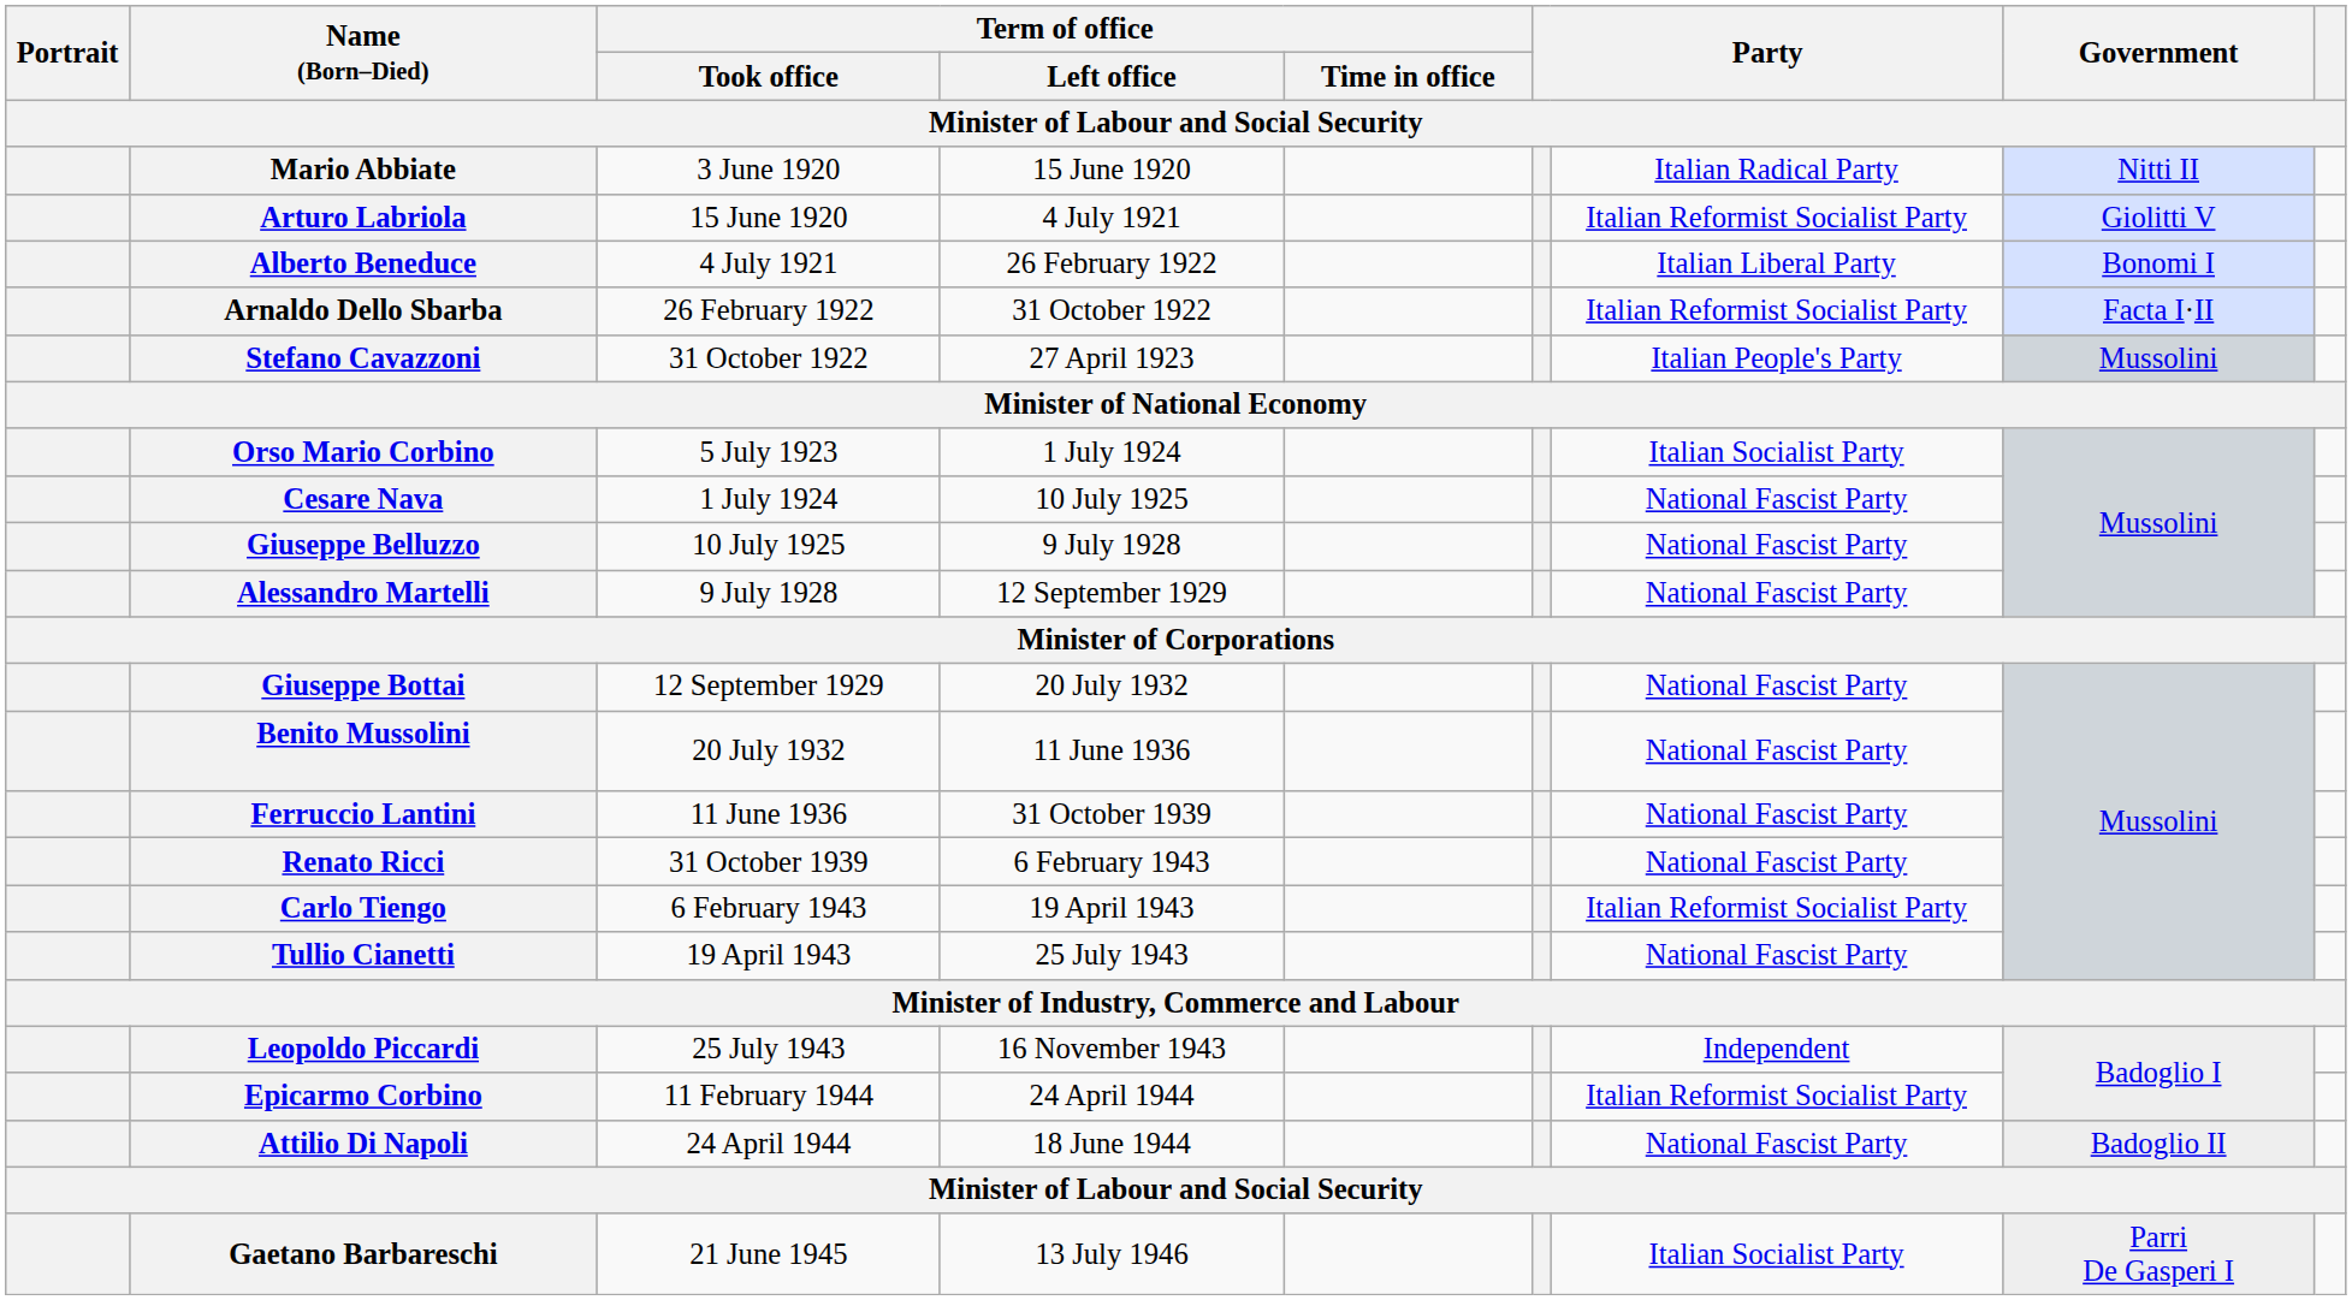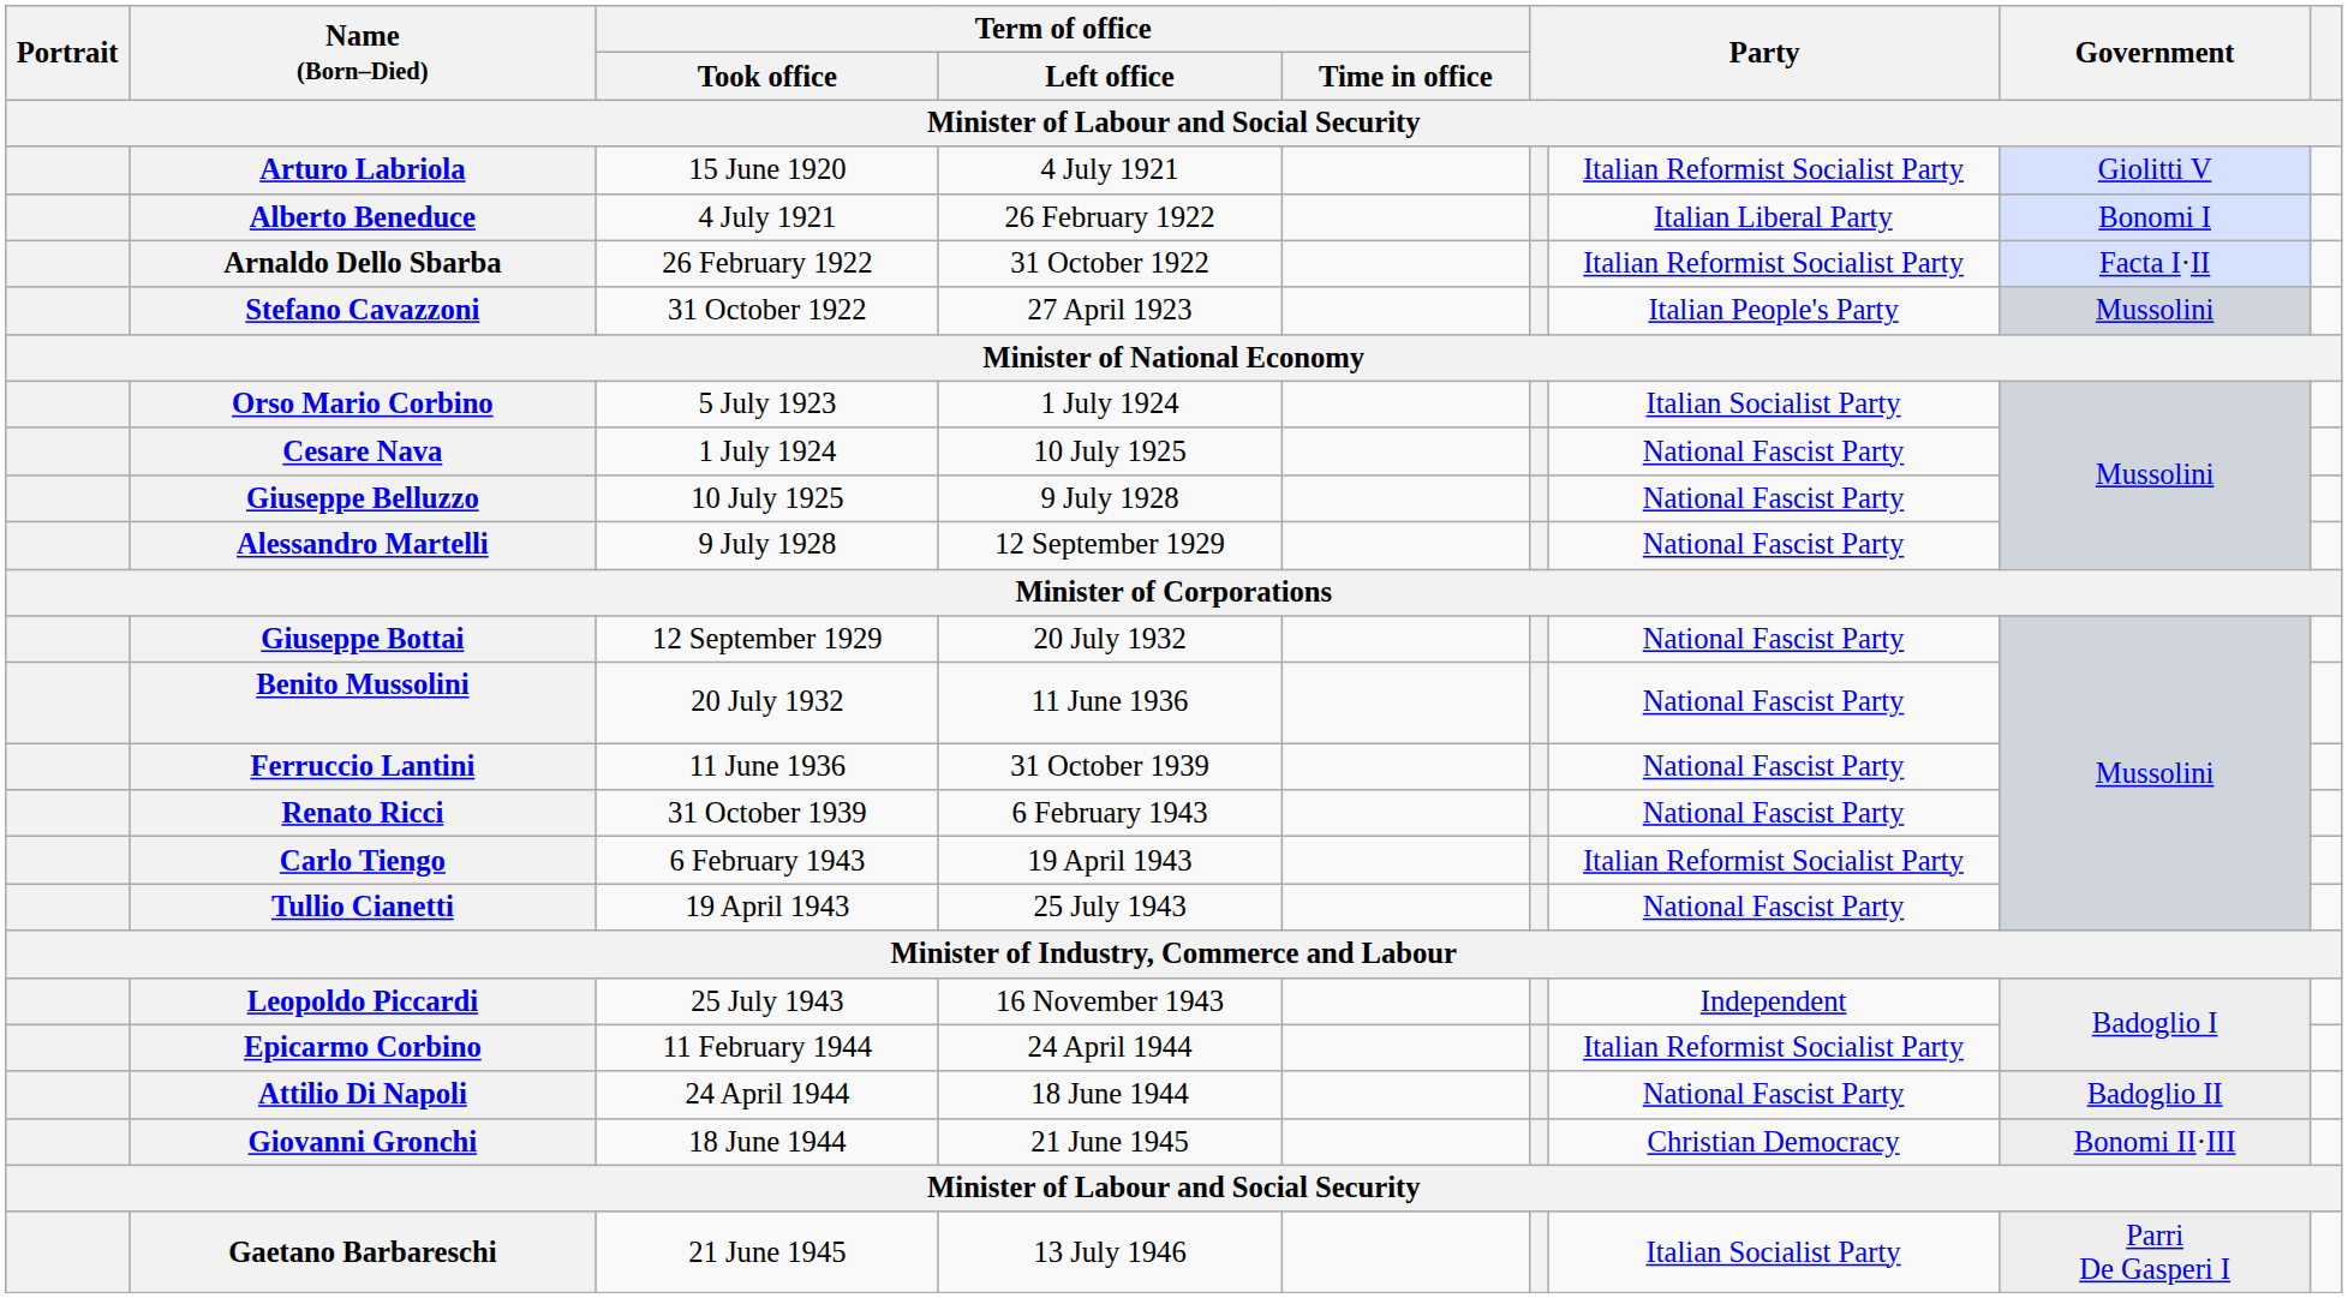 <table class="wikitable" style="text-align:center; style="width=100%">
 <tr>
 <th width=1% rowspan=2>Portrait</th>
 <th width=15% rowspan=2>Name<br><small>(Born–Died)</small></th>
 <th width=30% colspan=3>Term of office</th>
 <th width=15% rowspan=2 colspan=2>Party</th>
 <th width=10% rowspan=2>Government</th>
 <th width=1% rowspan=2></th>
 </tr>
 <tr style="text-align:center;">
 <th width=11%>Took office</th>
 <th width=11%>Left office</th>
 <th width=8%>Time in office</th>
 </tr>
 <tr>
 <th colspan=9>Minister of Labour and Social Security</th>
-</tr>
-<tr>
-<th></th>
-<th scope="row" style="font-weight:normal"><strong>Mario Abbiate</strong><br></th>
-<td>3 June 1920</td>
-<td>15 June 1920</td>
-<td></td>
-<th style="background:"></th>
-<td><a href='#'>Italian Radical Party</a></td>
-<td bgcolor=#D5E1FF><a href='#'>Nitti II</a></td>
-<td></td>
 </tr>
 <tr>
 <th></th>
 <th scope="row" style="font-weight:normal"><strong><a href='#'>Arturo Labriola</a></strong><br></th>
 <td>15 June 1920</td>
 <td>4 July 1921</td>
 <td></td>
 <th style="background:"></th>
 <td><a href='#'>Italian Reformist Socialist Party</a></td>
 <td bgcolor=#D5E1FF><a href='#'>Giolitti V</a></td>
 <td></td>
 </tr>
 <tr>
 <th></th>
 <th scope="row" style="font-weight:normal"><strong><a href='#'>Alberto Beneduce</a></strong><br></th>
 <td>4 July 1921</td>
 <td>26 February 1922</td>
 <td></td>
 <th style="background:"></th>
 <td><a href='#'>Italian Liberal Party</a></td>
 <td bgcolor=#D5E1FF><a href='#'>Bonomi I</a></td>
 <td></td>
 </tr>
 <tr>
 <th></th>
 <th scope="row" style="font-weight:normal"><strong>Arnaldo Dello Sbarba</strong><br></th>
 <td>26 February 1922</td>
 <td>31 October 1922</td>
 <td></td>
 <th style="background:"></th>
 <td><a href='#'>Italian Reformist Socialist Party</a></td>
 <td bgcolor=#D5E1FF><a href='#'>Facta I</a>·<a href='#'>II</a></td>
 <td></td>
 </tr>
 <tr>
 <th></th>
 <th scope="row" style="font-weight:normal"><strong><a href='#'>Stefano Cavazzoni</a></strong><br></th>
 <td>31 October 1922</td>
 <td>27 April 1923</td>
 <td></td>
 <th style="background:"></th>
 <td><a href='#'>Italian People's Party</a></td>
 <td bgcolor=#CFD5DA><a href='#'>Mussolini</a></td>
 <td></td>
 </tr>
 <tr>
 <th colspan=9>Minister of National Economy</th>
 </tr>
 <tr>
 <th></th>
 <th scope="row" style="font-weight:normal"><strong><a href='#'>Orso Mario Corbino</a></strong><br></th>
 <td>5 July 1923</td>
 <td>1 July 1924</td>
 <td></td>
 <th style="background:"></th>
 <td><a href='#'>Italian Socialist Party</a></td>
 <td rowspan=4 bgcolor=#CFD5DA><a href='#'>Mussolini</a></td>
 <td></td>
 </tr>
 <tr>
 <th></th>
 <th scope="row" style="font-weight:normal"><strong><a href='#'>Cesare Nava</a></strong><br></th>
 <td>1 July 1924</td>
 <td>10 July 1925</td>
 <td></td>
 <th style="background:"></th>
 <td><a href='#'>National Fascist Party</a></td>
 <td></td>
 </tr>
 <tr>
 <th></th>
 <th scope="row" style="font-weight:normal"><strong><a href='#'>Giuseppe Belluzzo</a></strong><br></th>
 <td>10 July 1925</td>
 <td>9 July 1928</td>
 <td></td>
 <th style="background:"></th>
 <td><a href='#'>National Fascist Party</a></td>
 <td></td>
 </tr>
 <tr>
 <th></th>
 <th scope="row" style="font-weight:normal"><strong><a href='#'>Alessandro Martelli</a></strong><br></th>
 <td>9 July 1928</td>
 <td>12 September 1929</td>
 <td></td>
 <th style="background:"></th>
 <td><a href='#'>National Fascist Party</a></td>
 <td></td>
 </tr>
 <tr>
 <th colspan=9>Minister of Corporations</th>
 </tr>
 <tr>
 <th></th>
 <th scope="row" style="font-weight:normal"><strong><a href='#'>Giuseppe Bottai</a></strong><br></th>
 <td>12 September 1929</td>
 <td>20 July 1932</td>
 <td></td>
 <th style="background:"></th>
 <td><a href='#'>National Fascist Party</a></td>
 <td rowspan=6 bgcolor=#CFD5DA><a href='#'>Mussolini</a></td>
 <td></td>
 </tr>
 <tr>
 <th></th>
 <th scope="row" style="font-weight:normal"><strong><a href='#'>Benito Mussolini</a></strong><br><br><em></em></th>
 <td>20 July 1932</td>
 <td>11 June 1936</td>
 <td></td>
 <th style="background:"></th>
 <td><a href='#'>National Fascist Party</a></td>
 <td></td>
 </tr>
 <tr>
 <th></th>
 <th scope="row" style="font-weight:normal"><strong><a href='#'>Ferruccio Lantini</a></strong><br></th>
 <td>11 June 1936</td>
 <td>31 October 1939</td>
 <td></td>
 <th style="background:"></th>
 <td><a href='#'>National Fascist Party</a></td>
 <td></td>
 </tr>
 <tr>
 <th></th>
 <th scope="row" style="font-weight:normal"><strong><a href='#'>Renato Ricci</a></strong><br></th>
 <td>31 October 1939</td>
 <td>6 February 1943</td>
 <td></td>
 <th style="background:"></th>
 <td><a href='#'>National Fascist Party</a></td>
 <td></td>
 </tr>
 <tr>
 <th></th>
 <th scope="row" style="font-weight:normal"><strong><a href='#'>Carlo Tiengo</a></strong><br></th>
 <td>6 February 1943</td>
 <td>19 April 1943</td>
 <td></td>
 <th style="background:"></th>
 <td><a href='#'>Italian Reformist Socialist Party</a></td>
 <td></td>
 </tr>
 <tr>
 <th></th>
 <th scope="row" style="font-weight:normal"><strong><a href='#'>Tullio Cianetti</a></strong><br></th>
 <td>19 April 1943</td>
 <td>25 July 1943</td>
 <td></td>
 <th style="background:"></th>
 <td><a href='#'>National Fascist Party</a></td>
 <td></td>
 </tr>
 <tr>
 <th colspan=9>Minister of Industry, Commerce and Labour</th>
 </tr>
 <tr>
 <th></th>
 <th scope="row" style="font-weight:normal"><strong><a href='#'>Leopoldo Piccardi</a></strong><br></th>
 <td>25 July 1943</td>
 <td>16 November 1943</td>
 <td></td>
 <th style="background:"></th>
 <td><a href='#'>Independent</a></td>
 <td rowspan=2 bgcolor=#EEEEEE><a href='#'>Badoglio I</a></td>
 <td></td>
 </tr>
 <tr>
 <th></th>
 <th scope="row" style="font-weight:normal"><strong><a href='#'>Epicarmo Corbino</a></strong><br></th>
 <td>11 February 1944</td>
 <td>24 April 1944</td>
 <td></td>
 <th style="background:"></th>
 <td><a href='#'>Italian Reformist Socialist Party</a></td>
 <td></td>
 </tr>
 <tr>
 <th></th>
 <th scope="row" style="font-weight:normal"><strong><a href='#'>Attilio Di Napoli</a></strong><br></th>
 <td>24 April 1944</td>
 <td>18 June 1944</td>
 <td></td>
 <th style="background:"></th>
 <td><a href='#'>National Fascist Party</a></td>
 <td bgcolor=#EEEEEE><a href='#'>Badoglio II</a></td>
 <td></td>
 </tr>
 <tr>
+<th></th>
+<th scope="row" style="font-weight:normal"><strong><a href='#'>Giovanni Gronchi</a></strong><br></th>
+<td>18 June 1944</td>
+<td>21 June 1945</td>
+<td></td>
+<th style="background:"></th>
+<td><a href='#'>Christian Democracy</a></td>
+<td bgcolor=#EEEEEE><a href='#'>Bonomi II</a>·<a href='#'>III</a></td>
+<td></td>
+</tr>
+<tr>
 <th colspan=9>Minister of Labour and Social Security</th>
 </tr>
 <tr>
 <th></th>
 <th scope="row" style="font-weight:normal"><strong>Gaetano Barbareschi</strong><br></th>
 <td>21 June 1945</td>
 <td>13 July 1946</td>
 <td></td>
 <th style="background:"></th>
 <td><a href='#'>Italian Socialist Party</a></td>
 <td bgcolor=#EEEEEE><a href='#'>Parri</a><br><a href='#'>De Gasperi I</a></td>
 <td></td>
 </tr>
 </table>
